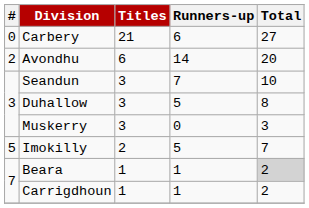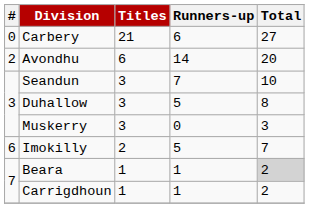 <table class="wikitable sortable">
 <tr>
 <th>#</th>
 <th style="background:#B60000;color:white">Division</th>
 <th style="background:#B60000;color:white">Titles</th>
 <th>Runners-up</th>
 <th>Total</th>
 </tr>
 <tr>
 <td>0</td>
 <td>Carbery</td>
 <td>21</td>
 <td>6</td>
 <td>27</td>
 </tr>
 <tr>
 <td>2</td>
 <td>Avondhu</td>
 <td>6</td>
 <td>14</td>
 <td>20</td>
 </tr>
 <tr>
 <td rowspan="3">3</td>
 <td>Seandun</td>
 <td>3</td>
 <td>7</td>
 <td>10</td>
 </tr>
 <tr>
 <td>Duhallow</td>
 <td>3</td>
 <td>5</td>
 <td>8</td>
 </tr>
 <tr>
 <td>Muskerry</td>
 <td>3</td>
 <td>0</td>
 <td>3</td>
 </tr>
 <tr>
-<td>5</td>
+<td>6</td>
 <td>Imokilly</td>
 <td>2</td>
 <td>5</td>
 <td>7</td>
 </tr>
 <tr>
 <td rowspan="2">7</td>
 <td>Beara</td>
 <td>1</td>
 <td>1</td>
 <td style="background: lightgrey;">2</td>
 </tr>
 <tr>
 <td>Carrigdhoun</td>
 <td>1</td>
 <td>1</td>
 <td>2</td>
 </tr>
 <tr>
 </tr>
 </table>
